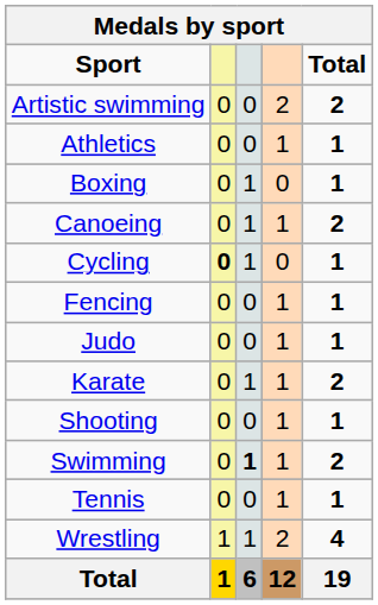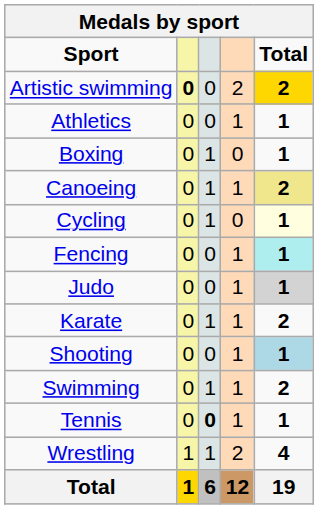 <table class="wikitable" style="font-size:85%">
 <tr style="background:#efefef;">
 <th colspan=7><strong>Medals by sport</strong></th>
 </tr>
 <tr align=center>
 <td><strong>Sport</strong></td>
 <td bgcolor=#f7f6a8></td>
 <td bgcolor=#dce5e5></td>
 <td bgcolor=#ffdab9></td>
 <td><strong>Total</strong></td>
 </tr>
 <tr align=center>
 <td><a href='#'>Artistic swimming</a></td>
-<td style="background:#F7F6A8;">0</td>
+<td style="background:#F7F6A8;"><strong>0</strong></td>
 <td style="background:#DCE5E5;">0</td>
 <td style="background:#FFDAB9;">2</td>
-<td><strong>2</strong></td>
+<td style="background: gold;"><strong>2</strong></td>
 </tr>
 <tr align=center>
 <td><a href='#'>Athletics</a></td>
 <td style="background:#F7F6A8;">0</td>
 <td style="background:#DCE5E5;">0</td>
 <td style="background:#FFDAB9;">1</td>
 <td><strong>1</strong></td>
 </tr>
 <tr align=center>
 <td><a href='#'>Boxing</a></td>
 <td style="background:#F7F6A8;">0</td>
 <td style="background:#DCE5E5;">1</td>
 <td style="background:#FFDAB9;">0</td>
 <td><strong>1</strong></td>
 </tr>
 <tr align=center>
 <td><a href='#'>Canoeing</a></td>
 <td style="background:#F7F6A8;">0</td>
 <td style="background:#DCE5E5;">1</td>
 <td style="background:#FFDAB9;">1</td>
-<td><strong>2</strong></td>
+<td style="background: khaki;"><strong>2</strong></td>
 </tr>
 <tr align=center>
 <td><a href='#'>Cycling</a></td>
-<td style="background:#F7F6A8;"><strong>0</strong></td>
+<td style="background:#F7F6A8;">0</td>
 <td style="background:#DCE5E5;">1</td>
 <td style="background:#FFDAB9;">0</td>
-<td><strong>1</strong></td>
+<td style="background: lightyellow;"><strong>1</strong></td>
 </tr>
 <tr align=center>
 <td><a href='#'>Fencing</a></td>
 <td style="background:#F7F6A8;">0</td>
 <td style="background:#DCE5E5;">0</td>
 <td style="background:#FFDAB9;">1</td>
-<td><strong>1</strong></td>
+<td style="background: paleturquoise;"><strong>1</strong></td>
 </tr>
 <tr align=center>
 <td><a href='#'>Judo</a></td>
 <td style="background:#F7F6A8;">0</td>
 <td style="background:#DCE5E5;">0</td>
 <td style="background:#FFDAB9;">1</td>
-<td><strong>1</strong></td>
+<td style="background: lightgrey;"><strong>1</strong></td>
 </tr>
 <tr align=center>
 <td><a href='#'>Karate</a></td>
 <td style="background:#F7F6A8;">0</td>
 <td style="background:#DCE5E5;">1</td>
 <td style="background:#FFDAB9;">1</td>
 <td><strong>2</strong></td>
 </tr>
 <tr align=center>
 <td><a href='#'>Shooting</a></td>
 <td style="background:#F7F6A8;">0</td>
 <td style="background:#DCE5E5;">0</td>
 <td style="background:#FFDAB9;">1</td>
-<td><strong>1</strong></td>
+<td style="background: lightblue;"><strong>1</strong></td>
 </tr>
 <tr align=center>
 <td><a href='#'>Swimming</a></td>
 <td style="background:#F7F6A8;">0</td>
-<td style="background:#DCE5E5;"><strong>1</strong></td>
+<td style="background:#DCE5E5;">1</td>
 <td style="background:#FFDAB9;">1</td>
 <td><strong>2</strong></td>
 </tr>
 <tr align=center>
 <td><a href='#'>Tennis</a></td>
 <td style="background:#F7F6A8;">0</td>
-<td style="background:#DCE5E5;">0</td>
+<td style="background:#DCE5E5;"><strong>0</strong></td>
 <td style="background:#FFDAB9;">1</td>
 <td><strong>1</strong></td>
 </tr>
 <tr align=center>
 <td><a href='#'>Wrestling</a></td>
 <td style="background:#F7F6A8;">1</td>
 <td style="background:#DCE5E5;">1</td>
 <td style="background:#FFDAB9;">2</td>
 <td><strong>4</strong></td>
 </tr>
 <tr align=center>
 <th><strong>Total</strong></th>
 <th style="background:gold;"><strong>1</strong></th>
 <th style="background:silver;"><strong>6</strong></th>
 <th style="background:#c96;"><strong>12</strong></th>
 <th><strong>19</strong></th>
 </tr>
 </table>
